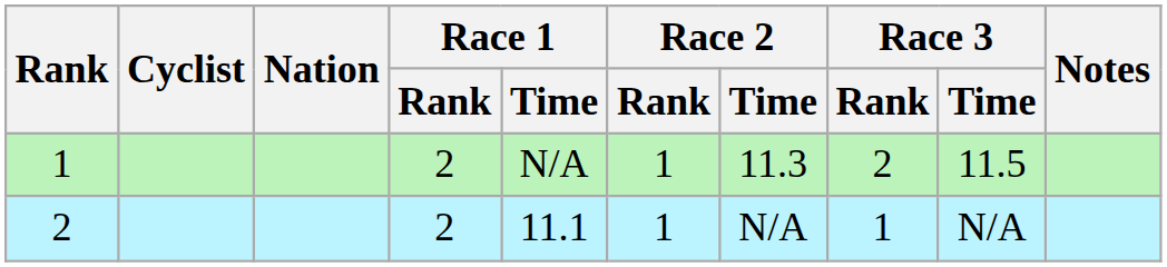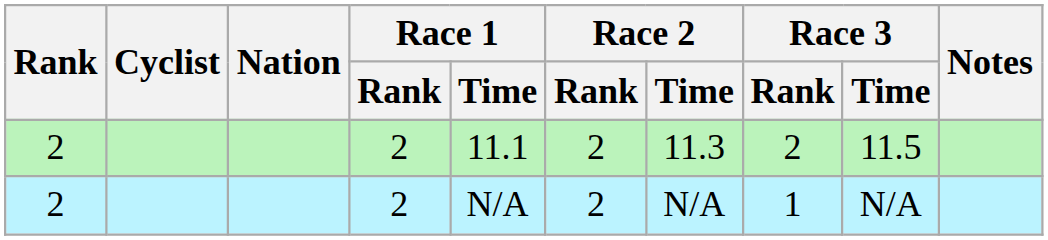 <table class="wikitable sortable" style="text-align:center">
 <tr>
 <th rowspan=2>Rank</th>
 <th rowspan=2>Cyclist</th>
 <th rowspan=2>Nation</th>
 <th colspan=2>Race 1</th>
 <th colspan=2>Race 2</th>
 <th colspan=2>Race 3</th>
 <th rowspan=2>Notes</th>
 </tr>
 <tr>
 <th>Rank</th>
 <th>Time</th>
 <th>Rank</th>
 <th>Time</th>
 <th>Rank</th>
 <th>Time</th>
 </tr>
 <tr bgcolor=bbf3bb>
-<td>1</td>
+<td>2</td>
 <td align=left></td>
 <td align=left></td>
 <td>2</td>
-<td>N/A</td>
-<td>1</td>
+<td>11.1</td>
+<td>2</td>
 <td>11.3</td>
 <td>2</td>
 <td>11.5</td>
 <td></td>
 </tr>
 <tr bgcolor=bbf3ff>
 <td>2</td>
 <td align=left></td>
 <td align=left></td>
 <td>2</td>
-<td>11.1</td>
-<td>1</td>
+<td>N/A</td>
+<td>2</td>
 <td>N/A</td>
 <td>1</td>
 <td>N/A</td>
 <td></td>
 </tr>
 </table>
